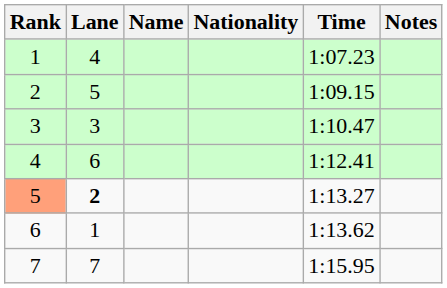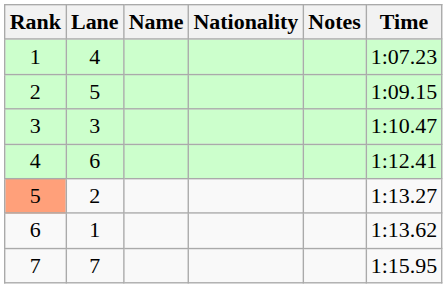 <table class="wikitable sortable" style="text-align:center">
 <tr>
 <th>Rank</th>
 <th>Lane</th>
 <th>Name</th>
 <th>Nationality</th>
+<th>Notes</th>
 <th>Time</th>
-<th>Notes</th>
 </tr>
 <tr bgcolor=ccffcc>
 <td>1</td>
 <td>4</td>
 <td align=left></td>
 <td align=left></td>
+<td><strong></strong></td>
 <td>1:07.23</td>
-<td><strong></strong></td>
 </tr>
 <tr bgcolor=ccffcc>
 <td>2</td>
 <td>5</td>
 <td align=left></td>
 <td align=left></td>
+<td><strong></strong></td>
 <td>1:09.15</td>
-<td><strong></strong></td>
 </tr>
 <tr bgcolor=ccffcc>
 <td>3</td>
 <td>3</td>
 <td align=left></td>
 <td align=left></td>
+<td><strong></strong></td>
 <td>1:10.47</td>
-<td><strong></strong></td>
 </tr>
 <tr bgcolor=ccffcc>
 <td>4</td>
 <td>6</td>
 <td align=left></td>
 <td align=left></td>
+<td><strong></strong></td>
 <td>1:12.41</td>
-<td><strong></strong></td>
 </tr>
 <tr>
 <td style="background: lightsalmon;">5</td>
-<td><strong>2</strong></td>
+<td>2</td>
 <td align=left></td>
 <td align=left></td>
+<td></td>
 <td>1:13.27</td>
-<td></td>
 </tr>
 <tr>
 <td>6</td>
 <td>1</td>
 <td align=left></td>
 <td align=left></td>
+<td></td>
 <td>1:13.62</td>
-<td></td>
 </tr>
 <tr>
 <td>7</td>
 <td>7</td>
 <td align=left></td>
 <td align=left></td>
+<td></td>
 <td>1:15.95</td>
-<td></td>
 </tr>
 </table>
